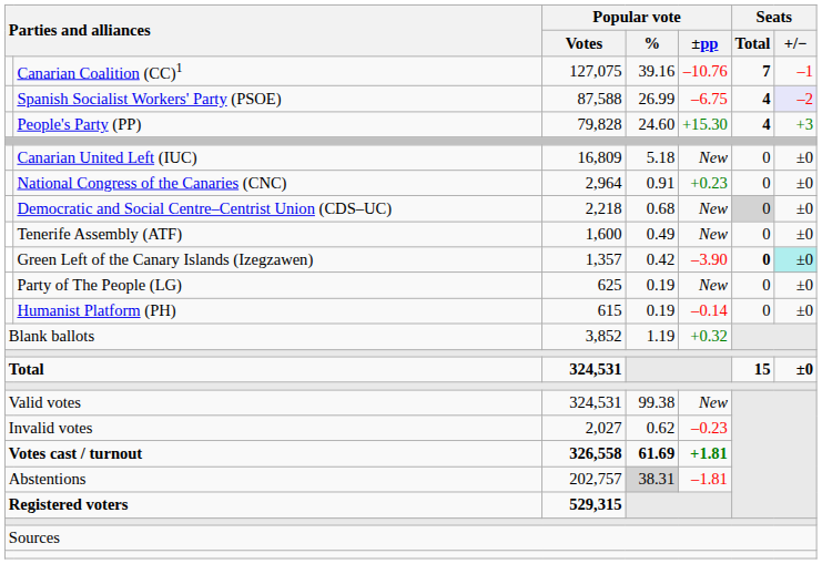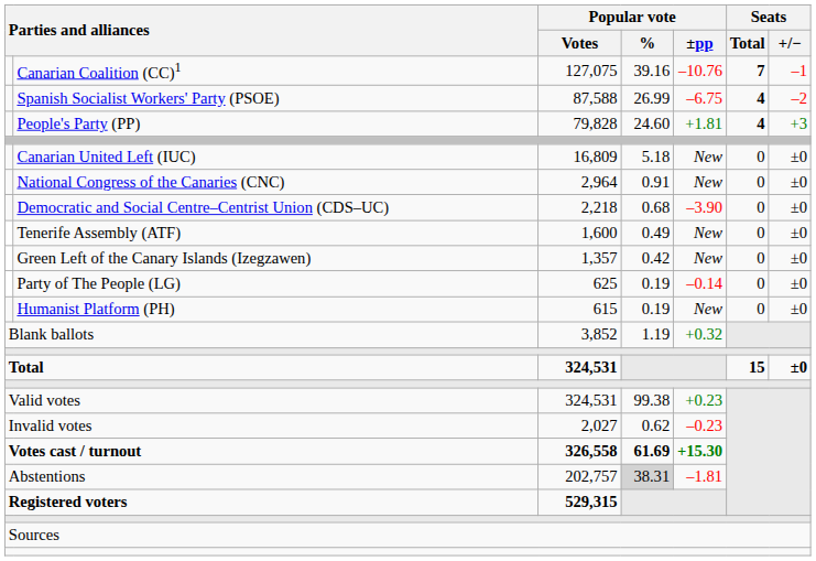 <table class="wikitable" style="text-align:right;">
 <tr>
 <th style="text-align:left;" rowspan="2" colspan="2" width="525">Parties and alliances</th>
 <th colspan="3">Popular vote</th>
 <th colspan="2">Seats</th>
 </tr>
 <tr>
 <th width="75">Votes</th>
 <th width="45">%</th>
 <th width="45">±<a href='#'>pp</a></th>
 <th width="35">Total</th>
 <th width="35">+/−</th>
 </tr>
 <tr>
 <td width="1" style="color:inherit;background:"></td>
 <td align="left"><a href='#'>Canarian Coalition</a> (CC)<sup>1</sup></td>
 <td>127,075</td>
 <td>39.16</td>
 <td style="color:red;">–10.76</td>
 <td><strong>7</strong></td>
 <td style="color:red;">–1</td>
 </tr>
 <tr>
 <td style="color:inherit;background:"></td>
 <td align="left"><a href='#'>Spanish Socialist Workers' Party</a> (PSOE)</td>
 <td>87,588</td>
 <td>26.99</td>
 <td style="color:red;">–6.75</td>
 <td><strong>4</strong></td>
-<td style="background: lavender; color:red;">–2</td>
+<td style="color:red;">–2</td>
 </tr>
 <tr>
 <td style="color:inherit;background:"></td>
 <td align="left"><a href='#'>People's Party</a> (PP)</td>
 <td>79,828</td>
 <td>24.60</td>
-<td style="color:green;">+15.30</td>
+<td style="color:green;">+1.81</td>
 <td><strong>4</strong></td>
 <td style="color:green;">+3</td>
 </tr>
 <tr>
 <td colspan="7" bgcolor="#C0C0C0"></td>
 </tr>
 <tr>
 <td style="color:inherit;background:"></td>
 <td align="left"><a href='#'>Canarian United Left</a> (IUC)</td>
 <td>16,809</td>
 <td>5.18</td>
 <td><em>New</em></td>
 <td>0</td>
 <td>±0</td>
 </tr>
 <tr>
 <td style="color:inherit;background:"></td>
 <td align="left"><a href='#'>National Congress of the Canaries</a> (CNC)</td>
 <td>2,964</td>
 <td>0.91</td>
-<td style="color:green;">+0.23</td>
+<td><em>New</em></td>
 <td>0</td>
 <td>±0</td>
 </tr>
 <tr>
 <td style="color:inherit;background:"></td>
 <td align="left"><a href='#'>Democratic and Social Centre–Centrist Union</a> (CDS–UC)</td>
 <td>2,218</td>
 <td>0.68</td>
-<td><em>New</em></td>
-<td style="background: lightgrey;">0</td>
+<td style="color:red;">–3.90</td>
+<td>0</td>
 <td>±0</td>
 </tr>
 <tr>
 <td bgcolor="white"></td>
 <td align="left">Tenerife Assembly (ATF)</td>
 <td>1,600</td>
 <td>0.49</td>
 <td><em>New</em></td>
 <td>0</td>
 <td>±0</td>
 </tr>
 <tr>
 <td bgcolor="white"></td>
 <td align="left">Green Left of the Canary Islands (Izegzawen)</td>
 <td>1,357</td>
 <td>0.42</td>
-<td style="color:red;">–3.90</td>
-<td><strong>0</strong></td>
-<td style="background: paleturquoise;">±0</td>
+<td><em>New</em></td>
+<td>0</td>
+<td>±0</td>
 </tr>
 <tr>
 <td bgcolor="white"></td>
 <td align="left">Party of The People (LG)</td>
 <td>625</td>
 <td>0.19</td>
-<td><em>New</em></td>
+<td style="color:red;">–0.14</td>
 <td>0</td>
 <td>±0</td>
 </tr>
 <tr>
 <td style="color:inherit;background:"></td>
 <td align="left"><a href='#'>Humanist Platform</a> (PH)</td>
 <td>615</td>
 <td>0.19</td>
-<td style="color:red;">–0.14</td>
+<td><em>New</em></td>
 <td>0</td>
 <td>±0</td>
 </tr>
 <tr>
 <td align="left" colspan="2">Blank ballots</td>
 <td>3,852</td>
 <td>1.19</td>
 <td style="color:green;">+0.32</td>
 <td bgcolor="#E9E9E9" colspan="2"></td>
 </tr>
 <tr>
 <td colspan="7" bgcolor="#E9E9E9"></td>
 </tr>
 <tr style="font-weight:bold;">
 <td align="left" colspan="2">Total</td>
 <td>324,531</td>
 <td bgcolor="#E9E9E9" colspan="2"></td>
 <td>15</td>
 <td>±0</td>
 </tr>
 <tr>
 <td colspan="7" bgcolor="#E9E9E9"></td>
 </tr>
 <tr>
 <td align="left" colspan="2">Valid votes</td>
 <td>324,531</td>
 <td>99.38</td>
-<td><em>New</em></td>
+<td style="color:green;">+0.23</td>
 <td bgcolor="#E9E9E9" colspan="2" rowspan="5"></td>
 </tr>
 <tr>
 <td align="left" colspan="2">Invalid votes</td>
 <td>2,027</td>
 <td>0.62</td>
 <td style="color:red;">–0.23</td>
 </tr>
 <tr style="font-weight:bold;">
 <td align="left" colspan="2">Votes cast / turnout</td>
 <td>326,558</td>
 <td>61.69</td>
-<td style="color:green;">+1.81</td>
+<td style="color:green;">+15.30</td>
 </tr>
 <tr>
 <td align="left" colspan="2">Abstentions</td>
 <td>202,757</td>
 <td style="background: lightgrey;">38.31</td>
 <td style="color:red;">–1.81</td>
 </tr>
 <tr style="font-weight:bold;">
 <td align="left" colspan="2">Registered voters</td>
 <td>529,315</td>
 <td bgcolor="#E9E9E9" colspan="2"></td>
 </tr>
 <tr>
 <td colspan="7" bgcolor="#E9E9E9"></td>
 </tr>
 <tr>
 <td align="left" colspan="7">Sources</td>
 </tr>
 <tr>
 <td colspan="7" style="text-align:left; max-width:790px;"></td>
 </tr>
 </table>
